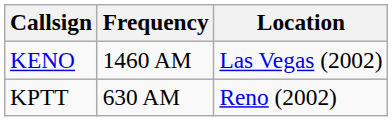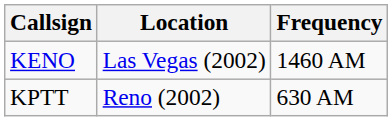 <table class="wikitable">
 <tr>
 <th>Callsign</th>
+<th>Location</th>
 <th>Frequency</th>
-<th>Location</th>
 </tr>
 <tr>
 <td><a href='#'>KENO</a></td>
+<td><a href='#'>Las Vegas</a> (2002)</td>
 <td>1460 AM</td>
-<td><a href='#'>Las Vegas</a> (2002)</td>
 </tr>
 <tr>
 <td>KPTT</td>
+<td><a href='#'>Reno</a> (2002)</td>
 <td>630 AM</td>
-<td><a href='#'>Reno</a> (2002)</td>
 </tr>
 </table>
